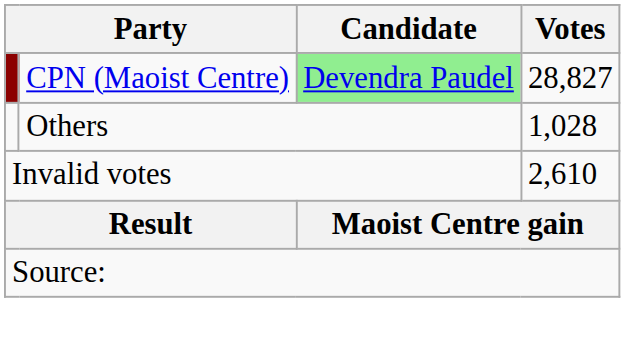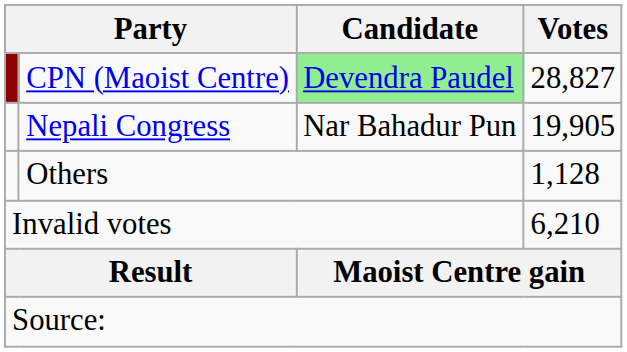 <table class="wikitable">
 <tr>
 <th colspan="2">Party</th>
 <th>Candidate</th>
 <th>Votes</th>
 </tr>
 <tr>
 <td style="background-color:darkred"></td>
 <td><a href='#'>CPN (Maoist Centre)</a></td>
 <td style="background: lightgreen;"><a href='#'>Devendra Paudel</a></td>
 <td>28,827</td>
 </tr>
 <tr>
+<td style="background-color:"></td>
+<td><a href='#'>Nepali Congress</a></td>
+<td>Nar Bahadur Pun</td>
+<td>19,905</td>
+</tr>
+<tr>
 <td></td>
 <td colspan="2">Others</td>
-<td>1,028</td>
+<td>1,128</td>
 </tr>
 <tr>
 <td colspan="3">Invalid votes</td>
-<td>2,610</td>
+<td>6,210</td>
 </tr>
 <tr>
 <th colspan="2">Result</th>
 <th colspan="2">Maoist Centre gain</th>
 </tr>
 <tr>
 <td colspan="4">Source: </td>
 </tr>
 </table>
